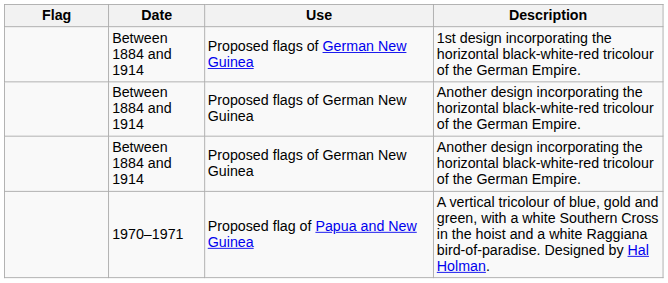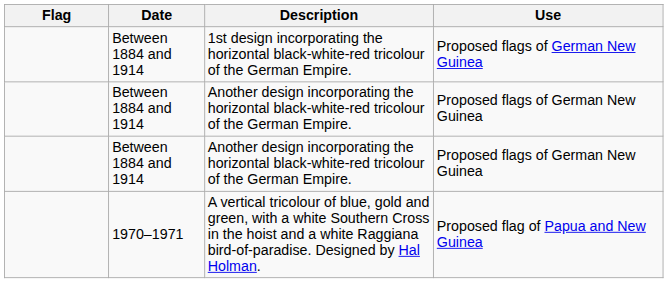 <table class="wikitable">
 <tr>
 <th style="width:110px;">Flag</th>
 <th style="width:100px;">Date</th>
+<th style="width:250px;">Description</th>
 <th style="width:250px;">Use</th>
-<th style="width:250px;">Description</th>
 </tr>
 <tr>
 <td></td>
 <td>Between 1884 and 1914</td>
+<td>1st design incorporating the horizontal black-white-red tricolour of the German Empire.</td>
 <td>Proposed flags of <a href='#'>German New Guinea</a></td>
-<td>1st design incorporating the horizontal black-white-red tricolour of the German Empire.</td>
 </tr>
 <tr>
 <td></td>
 <td>Between 1884 and 1914</td>
+<td>Another design incorporating the horizontal black-white-red tricolour of the German Empire.</td>
 <td>Proposed flags of German New Guinea</td>
-<td>Another design incorporating the horizontal black-white-red tricolour of the German Empire.</td>
 </tr>
 <tr>
 <td></td>
 <td>Between 1884 and 1914</td>
+<td>Another design incorporating the horizontal black-white-red tricolour of the German Empire.</td>
 <td>Proposed flags of German New Guinea</td>
-<td>Another design incorporating the horizontal black-white-red tricolour of the German Empire.</td>
 </tr>
 <tr>
 <td></td>
 <td>1970–1971</td>
+<td>A vertical tricolour of blue, gold and green, with a white Southern Cross in the hoist and a white Raggiana bird-of-paradise. Designed by <a href='#'>Hal Holman</a>.</td>
 <td>Proposed flag of <a href='#'>Papua and New Guinea</a></td>
-<td>A vertical tricolour of blue, gold and green, with a white Southern Cross in the hoist and a white Raggiana bird-of-paradise. Designed by <a href='#'>Hal Holman</a>.</td>
 </tr>
 </table>
